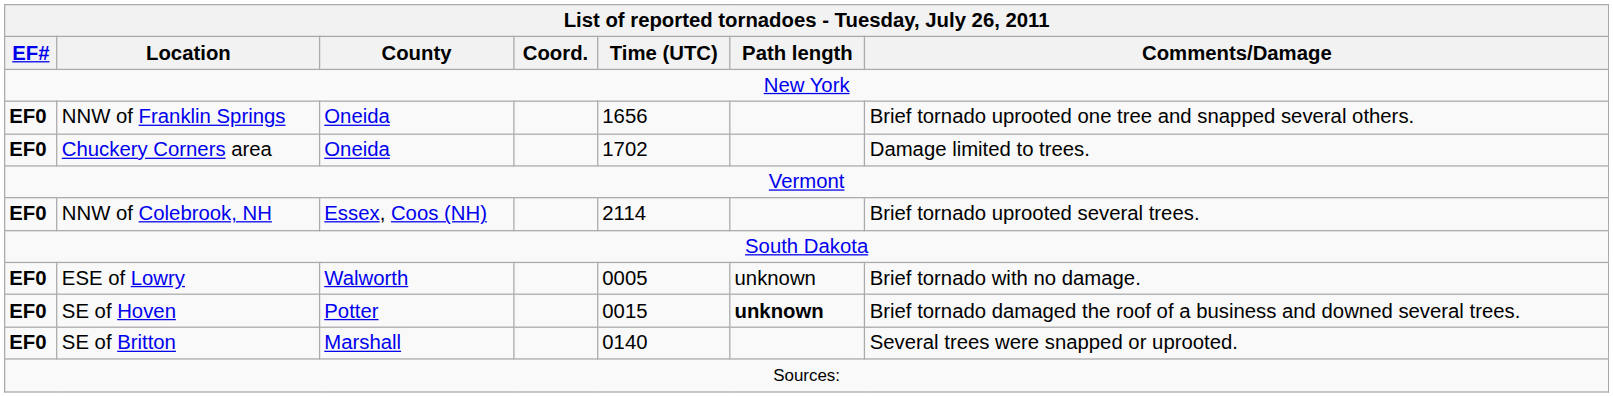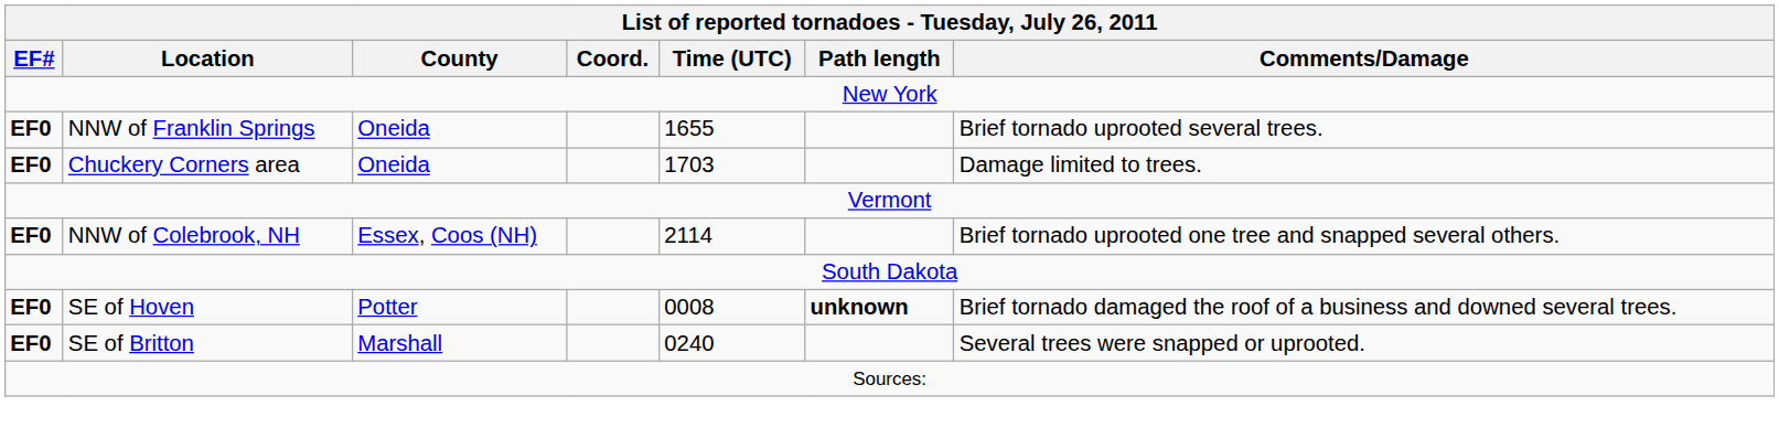 <table class="wikitable collapsible" width="100%">
 <tr>
 <th colspan="7">List of reported tornadoes - Tuesday, July 26, 2011</th>
 </tr>
 <tr>
 <th><a href='#'>EF#</a></th>
 <th>Location</th>
 <th>County</th>
 <th>Coord.</th>
 <th>Time (UTC)</th>
 <th>Path length</th>
 <th>Comments/Damage</th>
 </tr>
 <tr>
 <td colspan="7" align=center><a href='#'>New York</a></td>
 </tr>
 <tr>
 <td><strong>EF0</strong></td>
 <td>NNW of <a href='#'>Franklin Springs</a></td>
 <td><a href='#'>Oneida</a></td>
 <td></td>
-<td>1656</td>
+<td>1655</td>
 <td></td>
-<td>Brief tornado uprooted one tree and snapped several others.</td>
+<td>Brief tornado uprooted several trees.</td>
 </tr>
 <tr>
 <td><strong>EF0</strong></td>
 <td><a href='#'>Chuckery Corners</a> area</td>
 <td><a href='#'>Oneida</a></td>
 <td></td>
-<td>1702</td>
+<td>1703</td>
 <td></td>
 <td>Damage limited to trees.</td>
 </tr>
 <tr>
 <td colspan="7" align=center><a href='#'>Vermont</a></td>
 </tr>
 <tr>
 <td><strong>EF0</strong></td>
 <td>NNW of <a href='#'>Colebrook, NH</a></td>
 <td><a href='#'>Essex</a>, <a href='#'>Coos (NH)</a></td>
 <td></td>
 <td>2114</td>
 <td></td>
-<td>Brief tornado uprooted several trees.</td>
+<td>Brief tornado uprooted one tree and snapped several others.</td>
 </tr>
 <tr>
 <td colspan="7" align=center><a href='#'>South Dakota</a></td>
 </tr>
 <tr>
 <td><strong>EF0</strong></td>
-<td>ESE of <a href='#'>Lowry</a></td>
-<td><a href='#'>Walworth</a></td>
-<td></td>
-<td>0005</td>
-<td>unknown</td>
-<td>Brief tornado with no damage.</td>
-</tr>
-<tr>
-<td><strong>EF0</strong></td>
 <td>SE of <a href='#'>Hoven</a></td>
 <td><a href='#'>Potter</a></td>
 <td></td>
-<td>0015</td>
+<td>0008</td>
 <td><strong>unknown</strong></td>
 <td>Brief tornado damaged the roof of a business and downed several trees.</td>
 </tr>
 <tr>
 <td><strong>EF0</strong></td>
 <td>SE of <a href='#'>Britton</a></td>
 <td><a href='#'>Marshall</a></td>
 <td></td>
-<td>0140</td>
+<td>0240</td>
 <td></td>
 <td>Several trees were snapped or uprooted.</td>
 </tr>
 <tr>
 <td colspan="7" align=center><small>Sources:  </small></td>
 </tr>
 </table>
